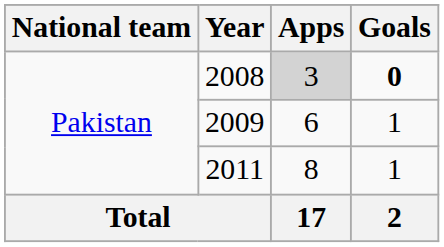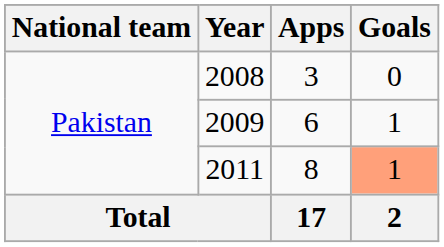 <table class="wikitable" style="text-align:center">
 <tr>
 <th>National team</th>
 <th>Year</th>
 <th>Apps</th>
 <th>Goals</th>
 </tr>
 <tr>
 <td rowspan="3"><a href='#'>Pakistan</a></td>
 <td>2008</td>
-<td style="background: lightgrey;">3</td>
-<td><strong>0</strong></td>
+<td>3</td>
+<td>0</td>
 </tr>
 <tr>
 <td>2009</td>
 <td>6</td>
 <td>1</td>
 </tr>
 <tr>
 <td>2011</td>
 <td>8</td>
-<td>1</td>
+<td style="background: lightsalmon;">1</td>
 </tr>
 <tr>
 <th colspan="2">Total</th>
 <th>17</th>
 <th>2</th>
 </tr>
 </table>
